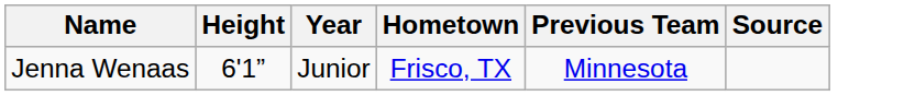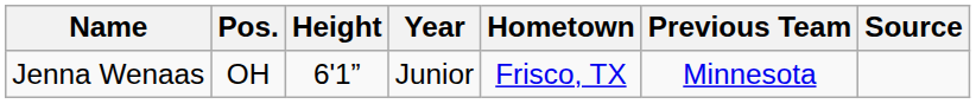 <table class="wikitable sortable" border="1">
 <tr>
 <th style="text-align:center; ">Name</th>
+<th style="text-align:center; ">Pos.</th>
 <th style="text-align:center; ">Height</th>
 <th style="text-align:center; ">Year</th>
 <th style="text-align:center; ">Hometown</th>
 <th style="text-align:center; ">Previous Team</th>
 <th style="text-align:center; ">Source</th>
 </tr>
 <tr align="center">
 <td>Jenna Wenaas</td>
+<td>OH</td>
 <td>6'1”</td>
 <td>Junior</td>
 <td><a href='#'>Frisco, TX</a></td>
 <td><a href='#'>Minnesota</a></td>
 <td></td>
 </tr>
 </table>
